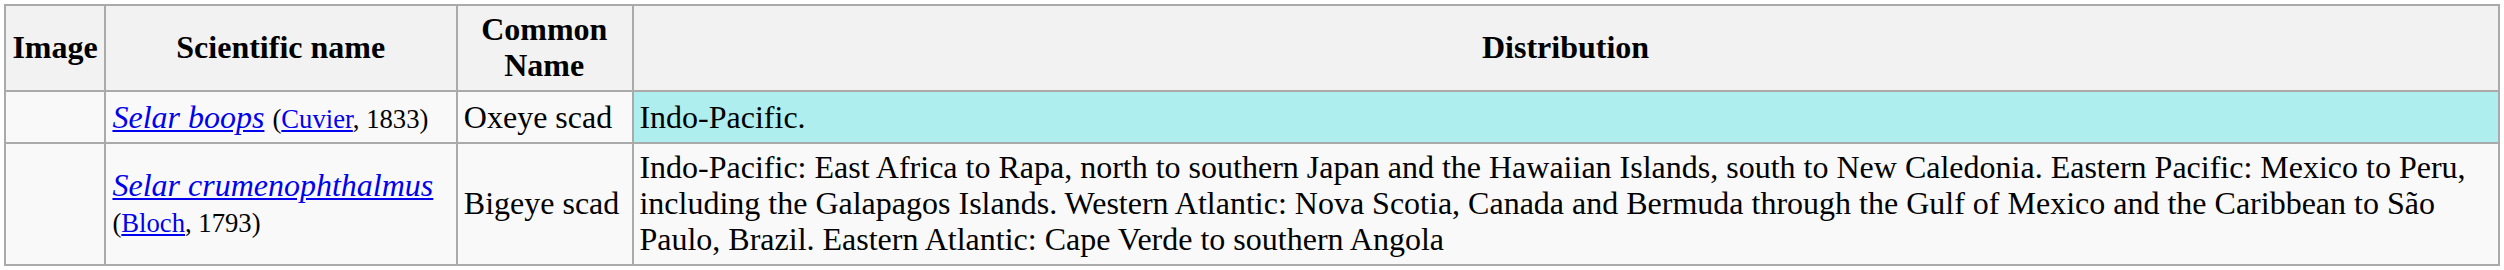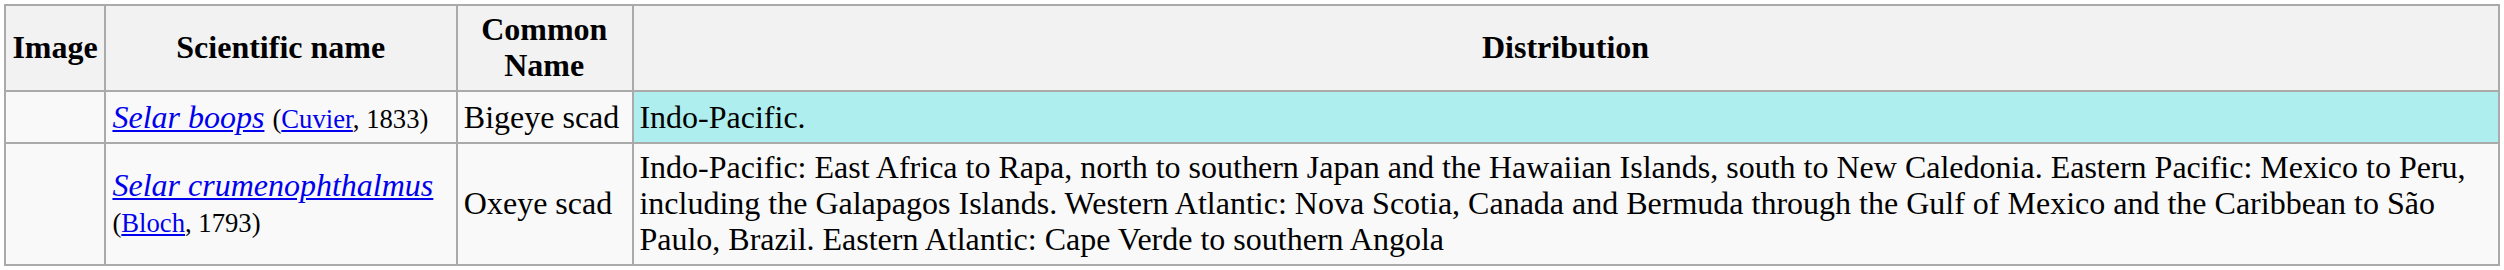 <table class="wikitable">
 <tr>
 <th>Image</th>
 <th>Scientific name</th>
 <th>Common Name</th>
 <th>Distribution</th>
 </tr>
 <tr>
 <td></td>
 <td><em><a href='#'>Selar boops</a></em> <small>(<a href='#'>Cuvier</a>, 1833)</small></td>
-<td>Oxeye scad</td>
+<td>Bigeye scad</td>
 <td style="background: paleturquoise;">Indo-Pacific.</td>
 </tr>
 <tr>
 <td></td>
 <td><em><a href='#'>Selar crumenophthalmus</a></em> <small>(<a href='#'>Bloch</a>, 1793)</small></td>
-<td>Bigeye scad</td>
+<td>Oxeye scad</td>
 <td>Indo-Pacific: East Africa to Rapa, north to southern Japan and the Hawaiian Islands, south to New Caledonia. Eastern Pacific: Mexico to Peru, including the Galapagos Islands. Western Atlantic: Nova Scotia, Canada and Bermuda through the Gulf of Mexico and the Caribbean to São Paulo, Brazil. Eastern Atlantic: Cape Verde to southern Angola</td>
 </tr>
 <tr>
 </tr>
 </table>
